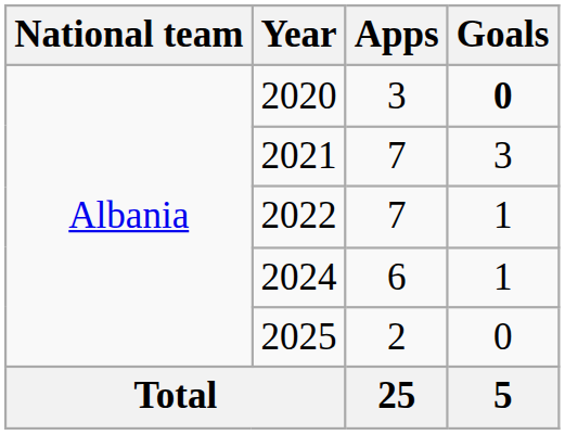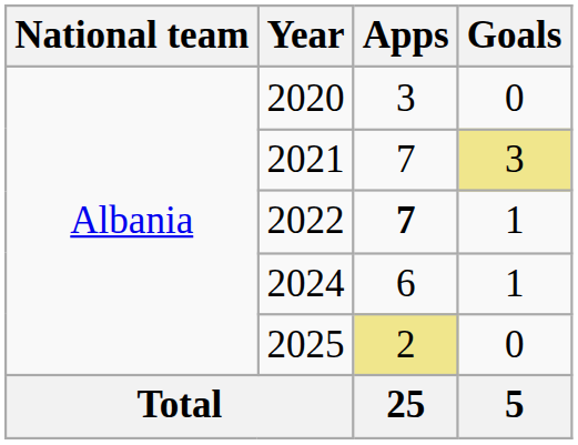 <table class="wikitable" style="text-align:center">
 <tr>
 <th>National team</th>
 <th>Year</th>
 <th>Apps</th>
 <th>Goals</th>
 </tr>
 <tr>
 <td rowspan="5"><a href='#'>Albania</a></td>
 <td>2020</td>
 <td>3</td>
-<td><strong>0</strong></td>
+<td>0</td>
 </tr>
 <tr>
 <td>2021</td>
 <td>7</td>
-<td>3</td>
+<td style="background: khaki;">3</td>
 </tr>
 <tr>
 <td>2022</td>
-<td>7</td>
+<td><strong>7</strong></td>
 <td>1</td>
 </tr>
 <tr>
 <td>2024</td>
 <td>6</td>
 <td>1</td>
 </tr>
 <tr>
 <td>2025</td>
-<td>2</td>
+<td style="background: khaki;">2</td>
 <td>0</td>
 </tr>
 <tr>
 <th colspan="2">Total</th>
 <th>25</th>
 <th>5</th>
 </tr>
 </table>
